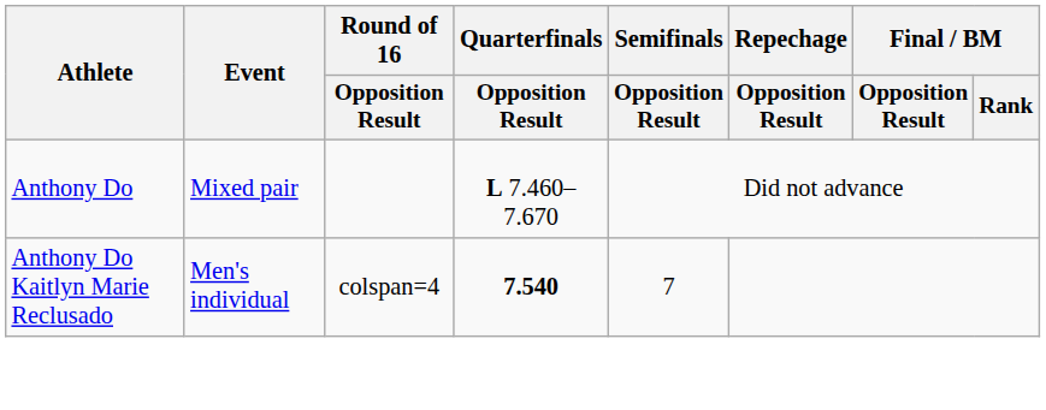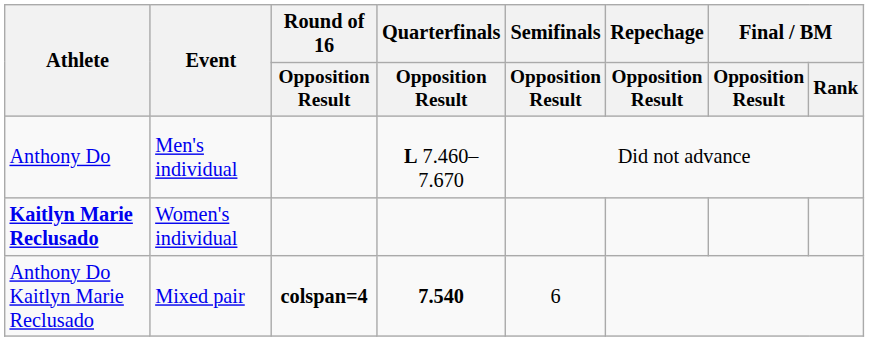 <table class=wikitable style=font-size:90%;text-align:center>
 <tr>
 <th rowspan=2>Athlete</th>
 <th rowspan=2>Event</th>
 <th>Round of 16</th>
 <th>Quarterfinals</th>
 <th>Semifinals</th>
 <th>Repechage</th>
 <th colspan=2>Final / BM</th>
 </tr>
 <tr style=font-size:95%>
 <th>Opposition<br>Result</th>
 <th>Opposition<br>Result</th>
 <th>Opposition<br>Result</th>
 <th>Opposition<br>Result</th>
 <th>Opposition<br>Result</th>
 <th>Rank</th>
 </tr>
 <tr>
 <td align=left><a href='#'>Anthony Do</a></td>
-<td align=left><a href='#'>Mixed pair</a></td>
+<td align=left><a href='#'>Men's individual</a></td>
 <td><br></td>
 <td><br><strong>L</strong> 7.460–7.670</td>
 <td colspan=4>Did not advance</td>
 </tr>
 <tr>
+<td align=left><strong><a href='#'>Kaitlyn Marie Reclusado</a></strong></td>
+<td align=left><a href='#'>Women's individual</a></td>
+<td></td>
+<td><br></td>
+<td><br></td>
+<td></td>
+<td><br></td>
+<td></td>
+</tr>
+<tr>
 <td align=left><a href='#'>Anthony Do</a><br><a href='#'>Kaitlyn Marie Reclusado</a></td>
-<td align=left><a href='#'>Men's individual</a></td>
-<td>colspan=4 </td>
+<td align=left><a href='#'>Mixed pair</a></td>
+<td><strong>colspan=4 </strong></td>
 <td><strong>7.540</strong></td>
-<td>7</td>
+<td>6</td>
 </tr>
 </table>
